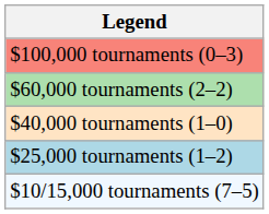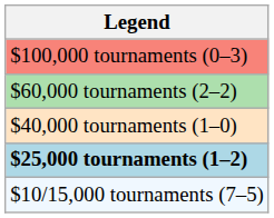 <table class="wikitable" style="font-size:85%">
 <tr>
 <th>Legend</th>
 </tr>
 <tr style="background:#f88379">
 <td>$100,000 tournaments (0–3)</td>
 </tr>
 <tr style="background:#addfad;">
 <td>$60,000 tournaments (2–2)</td>
 </tr>
 <tr style="background:#ffe4c4;">
 <td>$40,000 tournaments (1–0)</td>
 </tr>
 <tr style="background:lightblue">
-<td>$25,000 tournaments (1–2)</td>
+<td><strong>$25,000 tournaments (1–2)</strong></td>
 </tr>
 <tr style="background:#f0f8ff;">
 <td>$10/15,000 tournaments (7–5)</td>
 </tr>
 </table>
